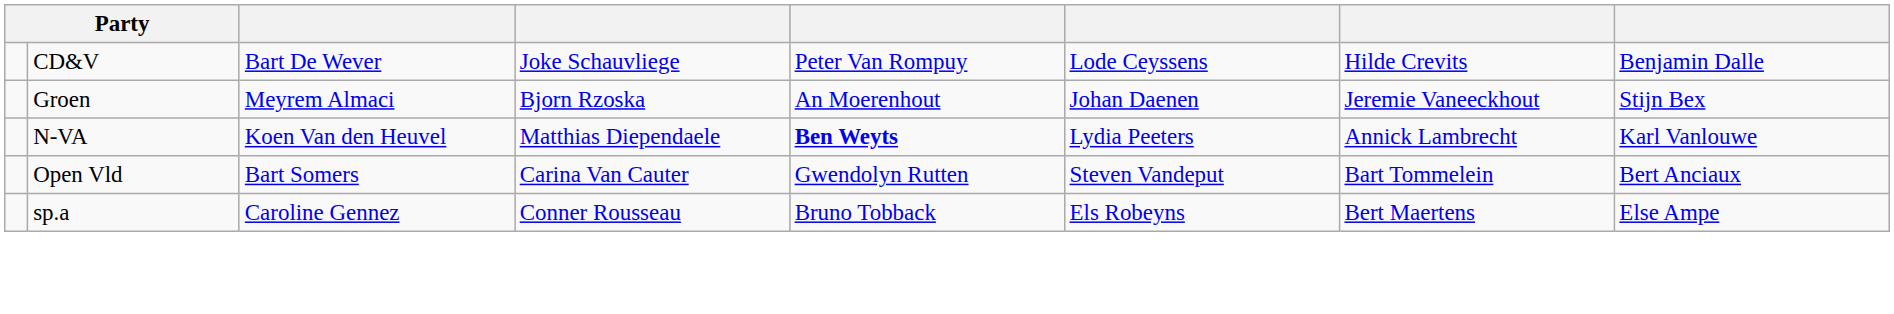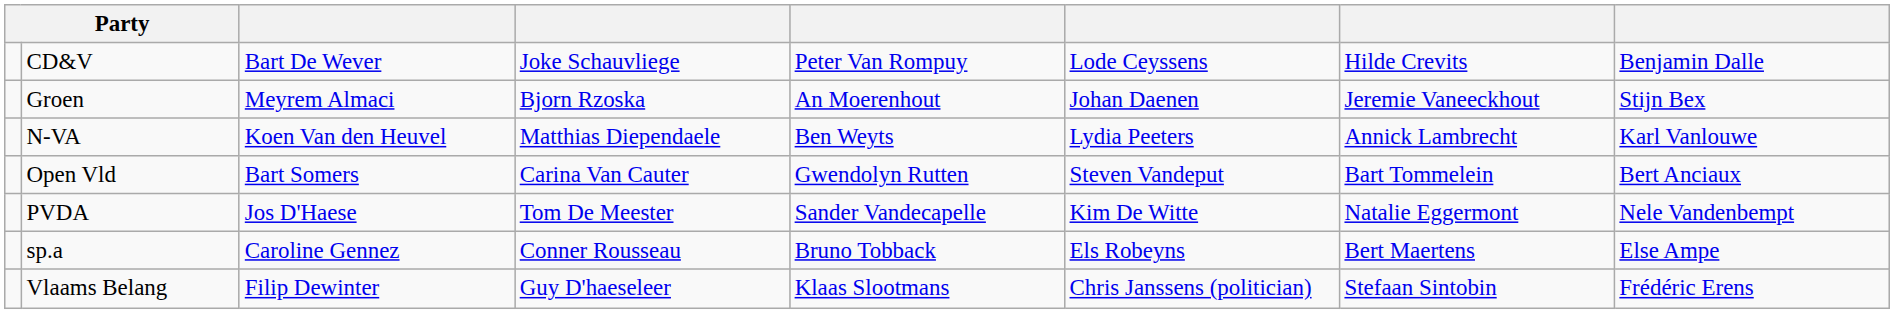 <table class="wikitable" style="font-size:95%;">
 <tr>
 <th colspan="2" style="width:175px;">Party</th>
 <th style="width:175px;"></th>
 <th style="width:175px;"></th>
 <th style="width:175px;"></th>
 <th style="width:175px;"></th>
 <th style="width:175px;"></th>
 <th style="width:175px;"></th>
 </tr>
 <tr>
 <td style="background-color: "></td>
 <td>CD&V</td>
 <td><a href='#'>Bart De Wever</a></td>
 <td><a href='#'>Joke Schauvliege</a></td>
 <td><a href='#'>Peter Van Rompuy</a></td>
 <td><a href='#'>Lode Ceyssens</a></td>
 <td><a href='#'>Hilde Crevits</a></td>
 <td><a href='#'>Benjamin Dalle</a></td>
 </tr>
 <tr>
 <td style="background-color: "></td>
 <td>Groen</td>
 <td><a href='#'>Meyrem Almaci</a></td>
 <td><a href='#'>Bjorn Rzoska</a></td>
 <td><a href='#'>An Moerenhout</a></td>
 <td><a href='#'>Johan Daenen</a></td>
 <td><a href='#'>Jeremie Vaneeckhout</a></td>
 <td><a href='#'>Stijn Bex</a></td>
 </tr>
 <tr>
 <td style="background-color: "></td>
 <td>N-VA</td>
 <td><a href='#'>Koen Van den Heuvel</a></td>
 <td><a href='#'>Matthias Diependaele</a></td>
-<td><strong><a href='#'>Ben Weyts</a></strong></td>
+<td><a href='#'>Ben Weyts</a></td>
 <td><a href='#'>Lydia Peeters</a></td>
 <td><a href='#'>Annick Lambrecht</a></td>
 <td><a href='#'>Karl Vanlouwe</a></td>
 </tr>
 <tr>
 <td style="background-color: "></td>
 <td>Open Vld</td>
 <td><a href='#'>Bart Somers</a></td>
 <td><a href='#'>Carina Van Cauter</a></td>
 <td><a href='#'>Gwendolyn Rutten</a></td>
 <td><a href='#'>Steven Vandeput</a></td>
 <td><a href='#'>Bart Tommelein</a></td>
 <td><a href='#'>Bert Anciaux</a></td>
 </tr>
 <tr>
 <td style="background-color: "></td>
+<td>PVDA</td>
+<td><a href='#'>Jos D'Haese</a></td>
+<td><a href='#'>Tom De Meester</a></td>
+<td><a href='#'>Sander Vandecapelle</a></td>
+<td><a href='#'>Kim De Witte</a></td>
+<td><a href='#'>Natalie Eggermont</a></td>
+<td><a href='#'>Nele Vandenbempt</a></td>
+</tr>
+<tr>
+<td style="background-color: "></td>
 <td>sp.a</td>
 <td><a href='#'>Caroline Gennez</a></td>
 <td><a href='#'>Conner Rousseau</a></td>
 <td><a href='#'>Bruno Tobback</a></td>
 <td><a href='#'>Els Robeyns</a></td>
 <td><a href='#'>Bert Maertens</a></td>
 <td><a href='#'>Else Ampe</a></td>
 </tr>
+<tr>
+<td style="background-color: "></td>
+<td>Vlaams Belang</td>
+<td><a href='#'>Filip Dewinter</a></td>
+<td><a href='#'>Guy D'haeseleer</a></td>
+<td><a href='#'>Klaas Slootmans</a></td>
+<td><a href='#'>Chris Janssens (politician)</a></td>
+<td><a href='#'>Stefaan Sintobin</a></td>
+<td><a href='#'>Frédéric Erens</a></td>
+</tr>
 </table>
